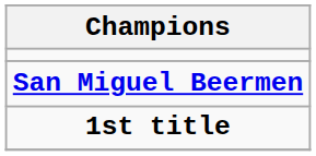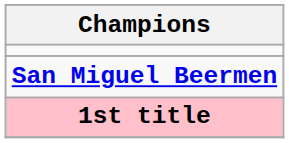 <table class="wikitable" style="text-align: center; margin: 0 auto;">
 <tr>
 <th>Champions</th>
 </tr>
 <tr>
 <td></td>
 </tr>
 <tr>
 <td><strong><a href='#'>San Miguel Beermen</a></strong></td>
 </tr>
 <tr>
-<td><strong>1st title</strong></td>
+<td style="background: pink;"><strong>1st title</strong></td>
 </tr>
 <tr>
 </tr>
 </table>
